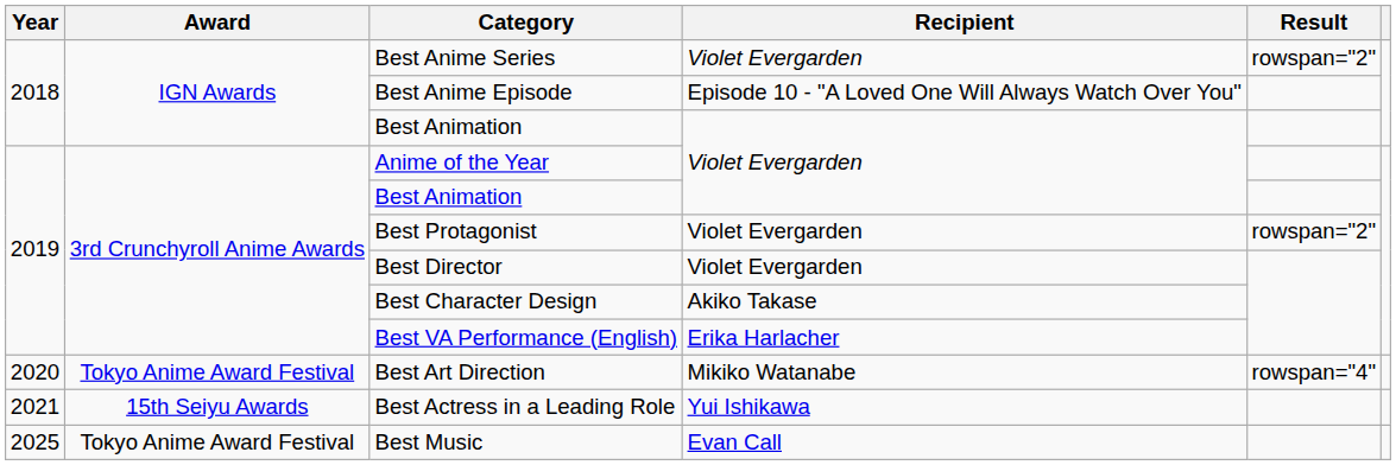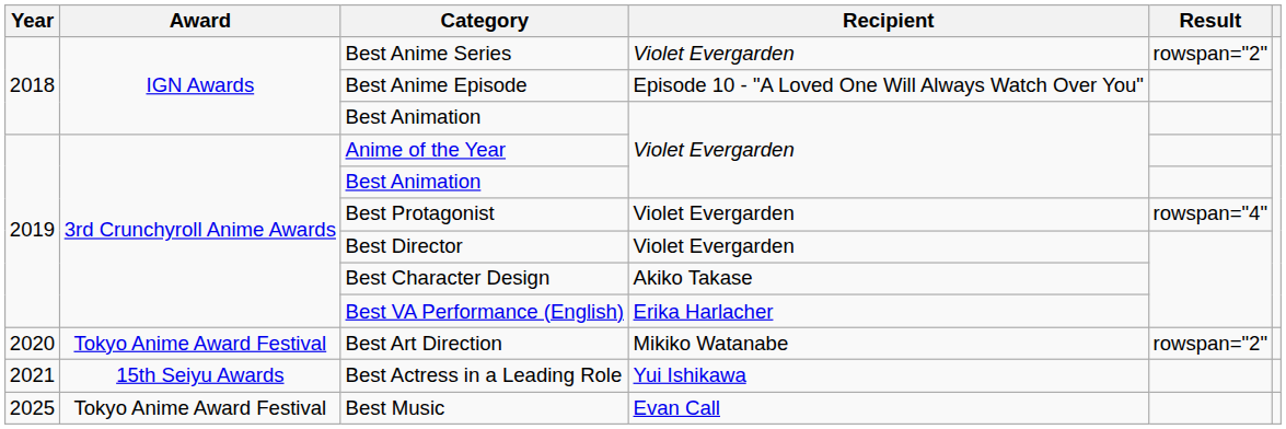 <table class="wikitable">
 <tr>
 <th scope="col">Year</th>
 <th scope="col">Award</th>
 <th scope="col">Category</th>
 <th scope="col">Recipient</th>
 <th scope="col">Result</th>
 <th scope="col" class="unsortable"></th>
 </tr>
 <tr>
 <td rowspan="3" align="center">2018</td>
 <td rowspan="3" align="center"><a href='#'>IGN Awards</a></td>
 <td>Best Anime Series</td>
 <td><em>Violet Evergarden</em></td>
 <td>rowspan="2" </td>
 <td rowspan="3" style="text-align:center;"></td>
 </tr>
 <tr>
 <td>Best Anime Episode</td>
 <td>Episode 10 - "A Loved One Will Always Watch Over You"</td>
 </tr>
 <tr>
 <td>Best Animation</td>
 <td rowspan="3"><em>Violet Evergarden</em></td>
 <td></td>
 </tr>
 <tr>
 <td rowspan="6" align="center">2019</td>
 <td rowspan="6" align="center"><a href='#'>3rd Crunchyroll Anime Awards</a></td>
 <td><a href='#'>Anime of the Year</a></td>
 <td></td>
 <td rowspan="6" style="text-align:center;"></td>
 </tr>
 <tr>
 <td><a href='#'>Best Animation</a></td>
 <td></td>
 </tr>
 <tr>
 <td>Best Protagonist</td>
 <td>Violet Evergarden</td>
-<td>rowspan="2" </td>
+<td>rowspan="4" </td>
 </tr>
 <tr>
 <td>Best Director</td>
 <td>Violet Evergarden</td>
 </tr>
 <tr>
 <td>Best Character Design</td>
 <td>Akiko Takase</td>
 </tr>
 <tr>
 <td><a href='#'>Best VA Performance (English)</a></td>
 <td><a href='#'>Erika Harlacher</a> </td>
 </tr>
 <tr>
 <td align="center">2020</td>
 <td align="center"><a href='#'>Tokyo Anime Award Festival</a></td>
 <td>Best Art Direction</td>
 <td>Mikiko Watanabe</td>
-<td>rowspan="4" </td>
+<td>rowspan="2" </td>
 <td style="text-align:center;"></td>
 </tr>
 <tr>
 <td align="center">2021</td>
 <td align="center"><a href='#'>15th Seiyu Awards</a></td>
 <td>Best Actress in a Leading Role</td>
 <td><a href='#'>Yui Ishikawa</a> </td>
 <td style="text-align:center;"></td>
 </tr>
 <tr>
 <td align="center">2025</td>
 <td align="center">Tokyo Anime Award Festival</td>
 <td>Best Music</td>
 <td><a href='#'>Evan Call</a></td>
 <td></td>
 <td style="text-align:center;"></td>
 </tr>
 </table>
